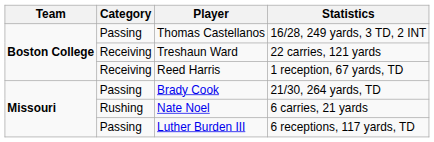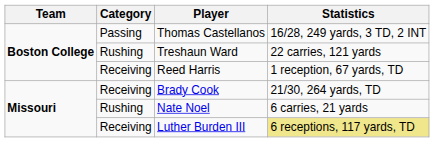 <table class="wikitable" style="float: right;">
 <tr>
 <th>Team</th>
 <th>Category</th>
 <th>Player</th>
 <th>Statistics</th>
 </tr>
 <tr>
 <td rowspan=3><strong>Boston College</strong></td>
 <td>Passing</td>
 <td>Thomas Castellanos</td>
 <td>16/28, 249 yards, 3 TD, 2 INT</td>
 </tr>
 <tr>
-<td>Receiving</td>
+<td>Rushing</td>
 <td>Treshaun Ward</td>
 <td>22 carries, 121 yards</td>
 </tr>
 <tr>
 <td>Receiving</td>
 <td>Reed Harris</td>
 <td>1 reception, 67 yards, TD</td>
 </tr>
 <tr>
 <td rowspan=3><strong>Missouri</strong></td>
-<td>Passing</td>
+<td>Receiving</td>
 <td><a href='#'>Brady Cook</a></td>
 <td>21/30, 264 yards, TD</td>
 </tr>
 <tr>
 <td>Rushing</td>
 <td><a href='#'>Nate Noel</a></td>
 <td>6 carries, 21 yards</td>
 </tr>
 <tr>
-<td>Passing</td>
+<td>Receiving</td>
 <td><a href='#'>Luther Burden III</a></td>
-<td>6 receptions, 117 yards, TD</td>
+<td style="background: khaki;">6 receptions, 117 yards, TD</td>
 </tr>
 </table>
